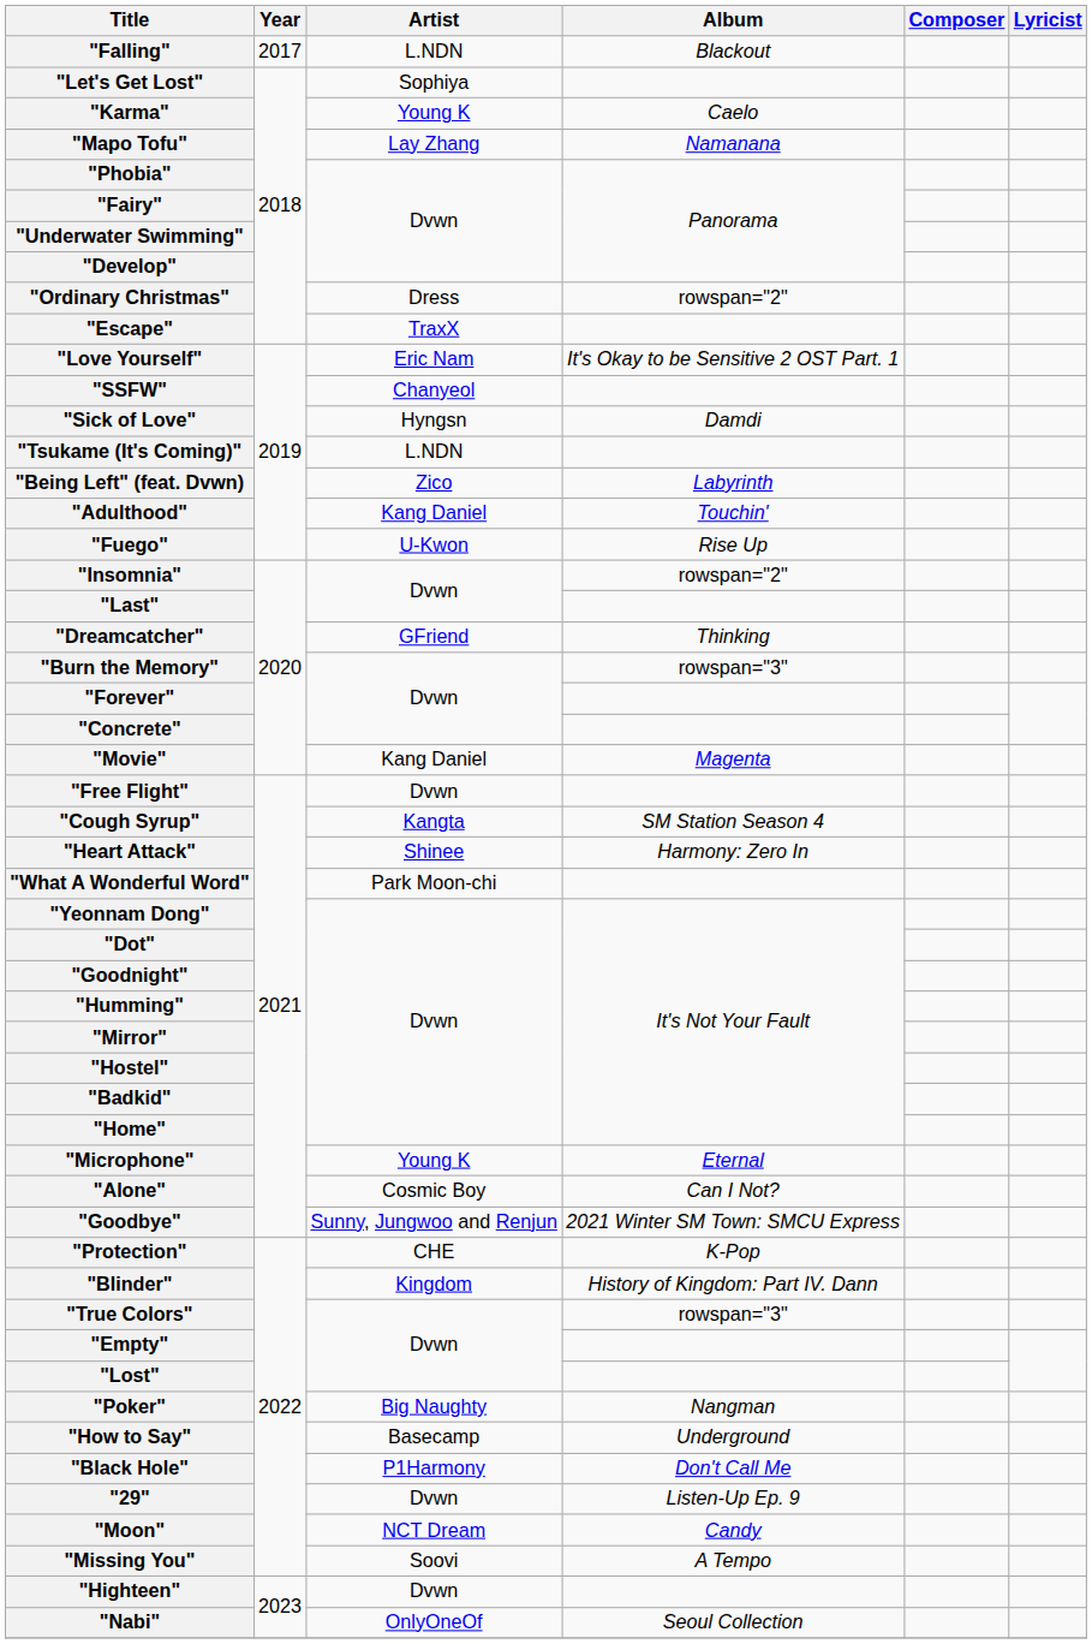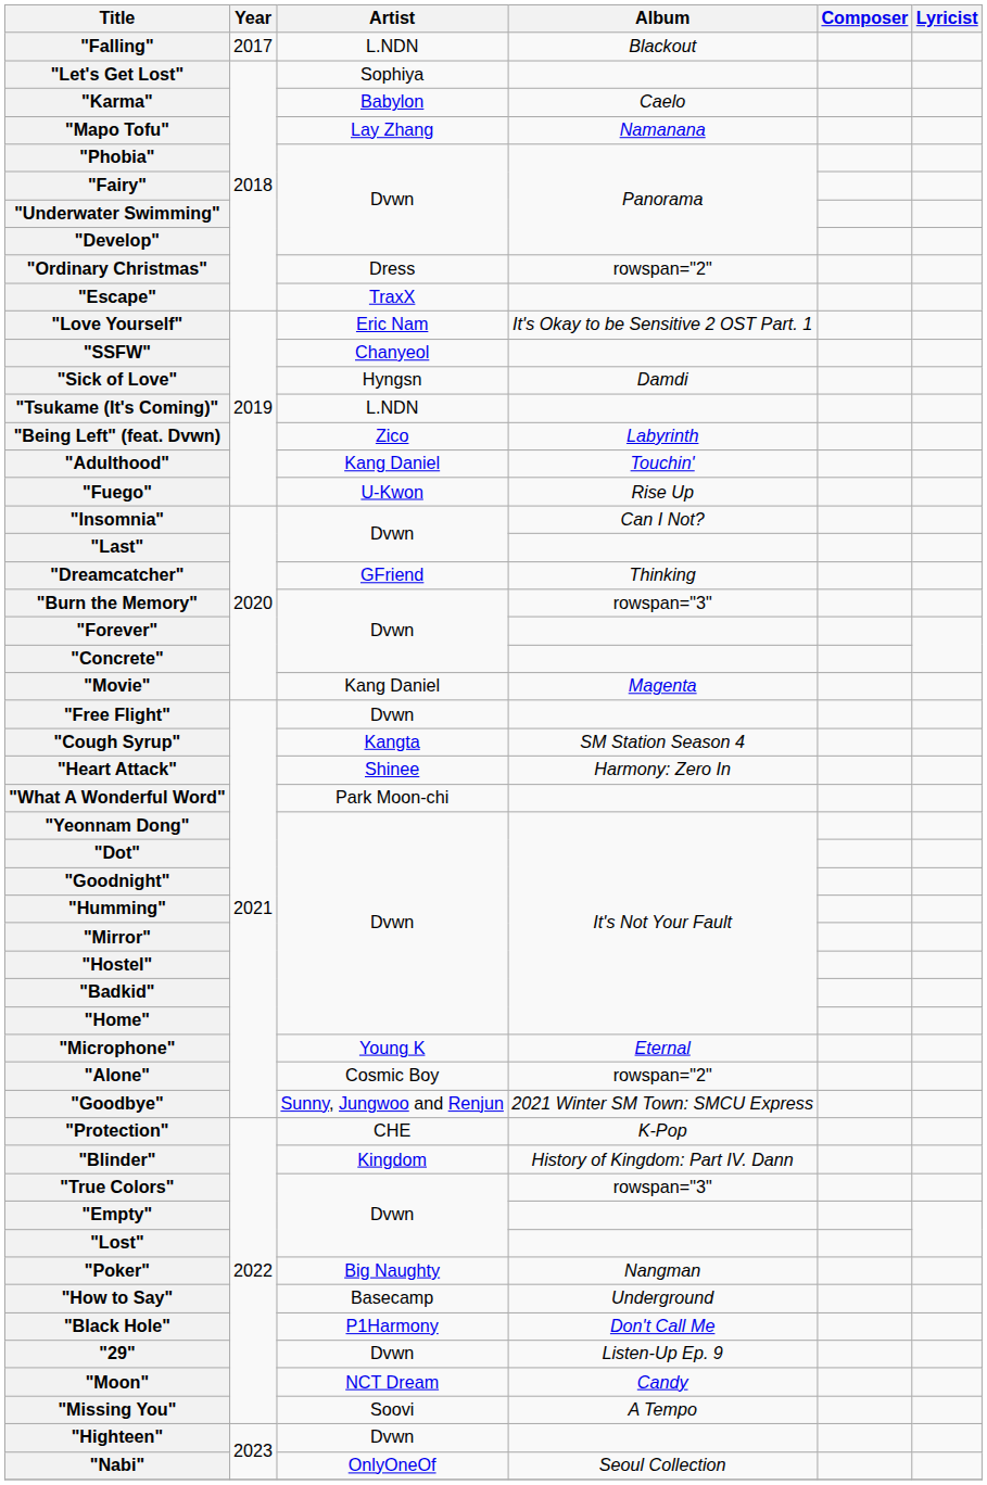 <table class="wikitable plainrowheaders" style="text-align:center">
 <tr>
 <th scope="col">Title</th>
 <th scope="col">Year</th>
 <th scope="col">Artist</th>
 <th scope="col">Album</th>
 <th scope="col"><a href='#'>Composer</a></th>
 <th scope="col"><a href='#'>Lyricist</a></th>
 </tr>
 <tr>
 <th scope=row>"Falling" </th>
 <td>2017</td>
 <td>L.NDN</td>
 <td><em>Blackout</em></td>
 <td></td>
 <td></td>
 </tr>
 <tr>
 <th scope=row>"Let's Get Lost" </th>
 <td rowspan="9">2018</td>
 <td>Sophiya</td>
 <td></td>
 <td></td>
 <td></td>
 </tr>
 <tr>
 <th scope=row>"Karma"</th>
-<td><a href='#'>Young K</a></td>
+<td><a href='#'>Babylon</a></td>
 <td><em>Caelo</em></td>
 <td></td>
 <td></td>
 </tr>
 <tr>
 <th scope=row>"Mapo Tofu"</th>
 <td><a href='#'>Lay Zhang</a></td>
 <td><em><a href='#'>Namanana</a></em></td>
 <td></td>
 <td></td>
 </tr>
 <tr>
 <th scope=row>"Phobia"</th>
 <td rowspan="4">Dvwn</td>
 <td rowspan="4"><em>Panorama</em></td>
 <td></td>
 <td></td>
 </tr>
 <tr>
 <th scope=row>"Fairy"</th>
 <td></td>
 <td></td>
 </tr>
 <tr>
 <th scope=row>"Underwater Swimming" </th>
 <td></td>
 <td></td>
 </tr>
 <tr>
 <th scope=row>"Develop"</th>
 <td></td>
 <td></td>
 </tr>
 <tr>
 <th scope=row>"Ordinary Christmas"</th>
 <td>Dress</td>
 <td>rowspan="2" </td>
 <td></td>
 <td></td>
 </tr>
 <tr>
 <th scope=row>"Escape"</th>
 <td><a href='#'>TraxX</a></td>
 <td></td>
 <td></td>
 </tr>
 <tr>
 <th scope=row>"Love Yourself"</th>
 <td rowspan="7">2019</td>
 <td><a href='#'>Eric Nam</a></td>
 <td><em>It's Okay to be Sensitive 2 OST Part. 1</em></td>
 <td></td>
 <td></td>
 </tr>
 <tr>
 <th scope=row>"SSFW"</th>
 <td><a href='#'>Chanyeol</a></td>
 <td></td>
 <td></td>
 <td></td>
 </tr>
 <tr>
 <th scope=row>"Sick of Love"</th>
 <td>Hyngsn</td>
 <td><em>Damdi</em></td>
 <td></td>
 <td></td>
 </tr>
 <tr>
 <th scope=row>"Tsukame (It's Coming)"</th>
 <td>L.NDN</td>
 <td></td>
 <td></td>
 <td></td>
 </tr>
 <tr>
 <th scope=row>"Being Left" (feat. Dvwn)</th>
 <td><a href='#'>Zico</a></td>
 <td><em><a href='#'>Labyrinth</a></em></td>
 <td></td>
 <td></td>
 </tr>
 <tr>
 <th scope=row>"Adulthood"</th>
 <td><a href='#'>Kang Daniel</a></td>
 <td><em><a href='#'>Touchin'</a></em></td>
 <td></td>
 <td></td>
 </tr>
 <tr>
 <th scope=row>"Fuego" </th>
 <td><a href='#'>U-Kwon</a></td>
 <td><em>Rise Up</em></td>
 <td></td>
 <td></td>
 </tr>
 <tr>
 <th scope=row>"Insomnia" </th>
 <td rowspan="7">2020</td>
 <td rowspan="2">Dvwn</td>
-<td>rowspan="2" </td>
+<td><em>Can I Not?</em></td>
 <td></td>
 <td></td>
 </tr>
 <tr>
 <th scope=row>"Last"</th>
 <td></td>
 <td></td>
 </tr>
 <tr>
 <th scope=row>"Dreamcatcher"</th>
 <td><a href='#'>GFriend</a></td>
 <td><em>Thinking</em></td>
 <td></td>
 <td></td>
 </tr>
 <tr>
 <th scope=row>"Burn the Memory" </th>
 <td rowspan="3">Dvwn</td>
 <td>rowspan="3" </td>
 <td></td>
 <td></td>
 </tr>
 <tr>
 <th scope=row>"Forever"</th>
 <td></td>
 <td></td>
 </tr>
 <tr>
 <th scope=row>"Concrete" </th>
 <td></td>
 <td></td>
 </tr>
 <tr>
 <th scope=row>"Movie"</th>
 <td>Kang Daniel</td>
 <td><em><a href='#'>Magenta</a></em></td>
 <td></td>
 <td></td>
 </tr>
 <tr>
 <th scope=row>"Free Flight"</th>
 <td rowspan="15">2021</td>
 <td>Dvwn</td>
 <td></td>
 <td></td>
 <td></td>
 </tr>
 <tr>
 <th scope=row>"Cough Syrup"</th>
 <td><a href='#'>Kangta</a></td>
 <td><em>SM Station Season 4</em></td>
 <td></td>
 <td></td>
 </tr>
 <tr>
 <th scope=row>"Heart Attack"</th>
 <td><a href='#'>Shinee</a></td>
 <td><em>Harmony: Zero In</em></td>
 <td></td>
 <td></td>
 </tr>
 <tr>
 <th scope=row>"What A Wonderful Word" </th>
 <td>Park Moon-chi</td>
 <td></td>
 <td></td>
 <td></td>
 </tr>
 <tr>
 <th scope=row>"Yeonnam Dong" </th>
 <td rowspan="8">Dvwn</td>
 <td rowspan="8"><em>It's Not Your Fault</em></td>
 <td></td>
 <td></td>
 </tr>
 <tr>
 <th scope=row>"Dot"</th>
 <td></td>
 <td></td>
 </tr>
 <tr>
 <th scope=row>"Goodnight" </th>
 <td></td>
 <td></td>
 </tr>
 <tr>
 <th scope=row>"Humming" </th>
 <td></td>
 <td></td>
 </tr>
 <tr>
 <th scope=row>"Mirror"</th>
 <td></td>
 <td></td>
 </tr>
 <tr>
 <th scope=row>"Hostel" </th>
 <td></td>
 <td></td>
 </tr>
 <tr>
 <th scope=row>"Badkid"</th>
 <td></td>
 <td></td>
 </tr>
 <tr>
 <th scope=row>"Home"</th>
 <td></td>
 <td></td>
 </tr>
 <tr>
 <th scope=row>"Microphone" </th>
 <td><a href='#'>Young K</a></td>
 <td><em><a href='#'>Eternal</a></em></td>
 <td></td>
 <td></td>
 </tr>
 <tr>
 <th scope=row>"Alone" </th>
 <td>Cosmic Boy</td>
-<td><em>Can I Not?</em></td>
+<td>rowspan="2" </td>
 <td></td>
 <td></td>
 </tr>
 <tr>
 <th scope=row>"Goodbye"</th>
 <td><a href='#'>Sunny</a>, <a href='#'>Jungwoo</a> and <a href='#'>Renjun</a></td>
 <td><em>2021 Winter SM Town: SMCU Express</em></td>
 <td></td>
 <td></td>
 </tr>
 <tr>
 <th scope=row>"Protection" </th>
 <td rowspan="11">2022</td>
 <td>CHE</td>
 <td><em>K-Pop</em></td>
 <td></td>
 <td></td>
 </tr>
 <tr>
 <th scope=row>"Blinder"</th>
 <td><a href='#'>Kingdom</a></td>
 <td><em>History of Kingdom: Part IV. Dann</em></td>
 <td></td>
 <td></td>
 </tr>
 <tr>
 <th scope=row>"True Colors"</th>
 <td rowspan="3">Dvwn</td>
 <td>rowspan="3" </td>
 <td></td>
 <td></td>
 </tr>
 <tr>
 <th scope=row>"Empty"</th>
 <td></td>
 <td></td>
 </tr>
 <tr>
 <th scope=row>"Lost"</th>
 <td></td>
 <td></td>
 </tr>
 <tr>
 <th scope=row>"Poker" </th>
 <td><a href='#'>Big Naughty</a></td>
 <td><em>Nangman</em></td>
 <td></td>
 <td></td>
 </tr>
 <tr>
 <th scope=row>"How to Say" </th>
 <td>Basecamp</td>
 <td><em>Underground</em></td>
 <td></td>
 <td></td>
 </tr>
 <tr>
 <th scope=row>"Black Hole"</th>
 <td><a href='#'>P1Harmony</a></td>
 <td><em><a href='#'>Don't Call Me</a></em></td>
 <td></td>
 <td></td>
 </tr>
 <tr>
 <th scope=row>"29" </th>
 <td>Dvwn</td>
 <td><em>Listen-Up Ep. 9</em></td>
 <td></td>
 <td></td>
 </tr>
 <tr>
 <th scope=row>"Moon"</th>
 <td><a href='#'>NCT Dream</a></td>
 <td><em><a href='#'>Candy</a></em></td>
 <td></td>
 <td></td>
 </tr>
 <tr>
 <th scope=row>"Missing You" </th>
 <td>Soovi</td>
 <td><em>A Tempo</em></td>
 <td></td>
 <td></td>
 </tr>
 <tr>
 <th scope=row>"Highteen"</th>
 <td rowspan="2">2023</td>
 <td>Dvwn</td>
 <td></td>
 <td></td>
 <td></td>
 </tr>
 <tr>
 <th scope=row>"Nabi"</th>
 <td><a href='#'>OnlyOneOf</a></td>
 <td><em>Seoul Collection</em></td>
 <td></td>
 <td></td>
 </tr>
 <tr>
 </tr>
 </table>
